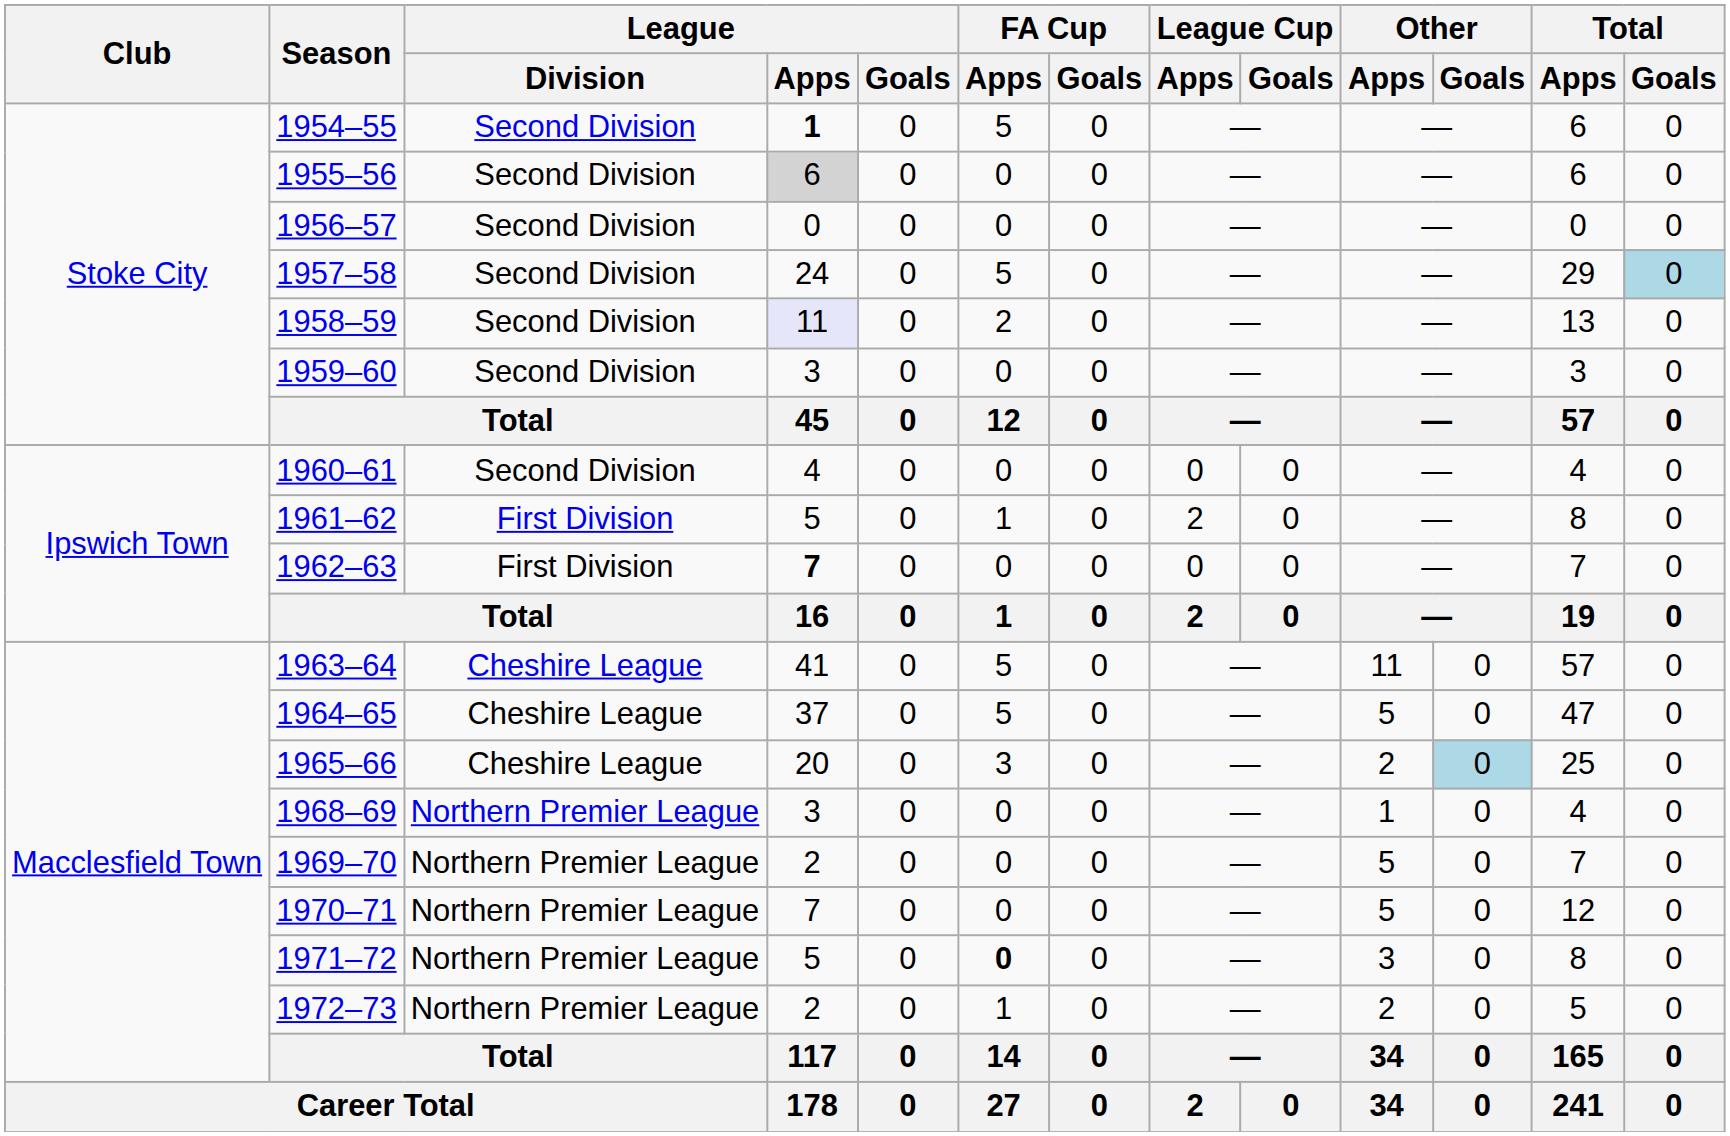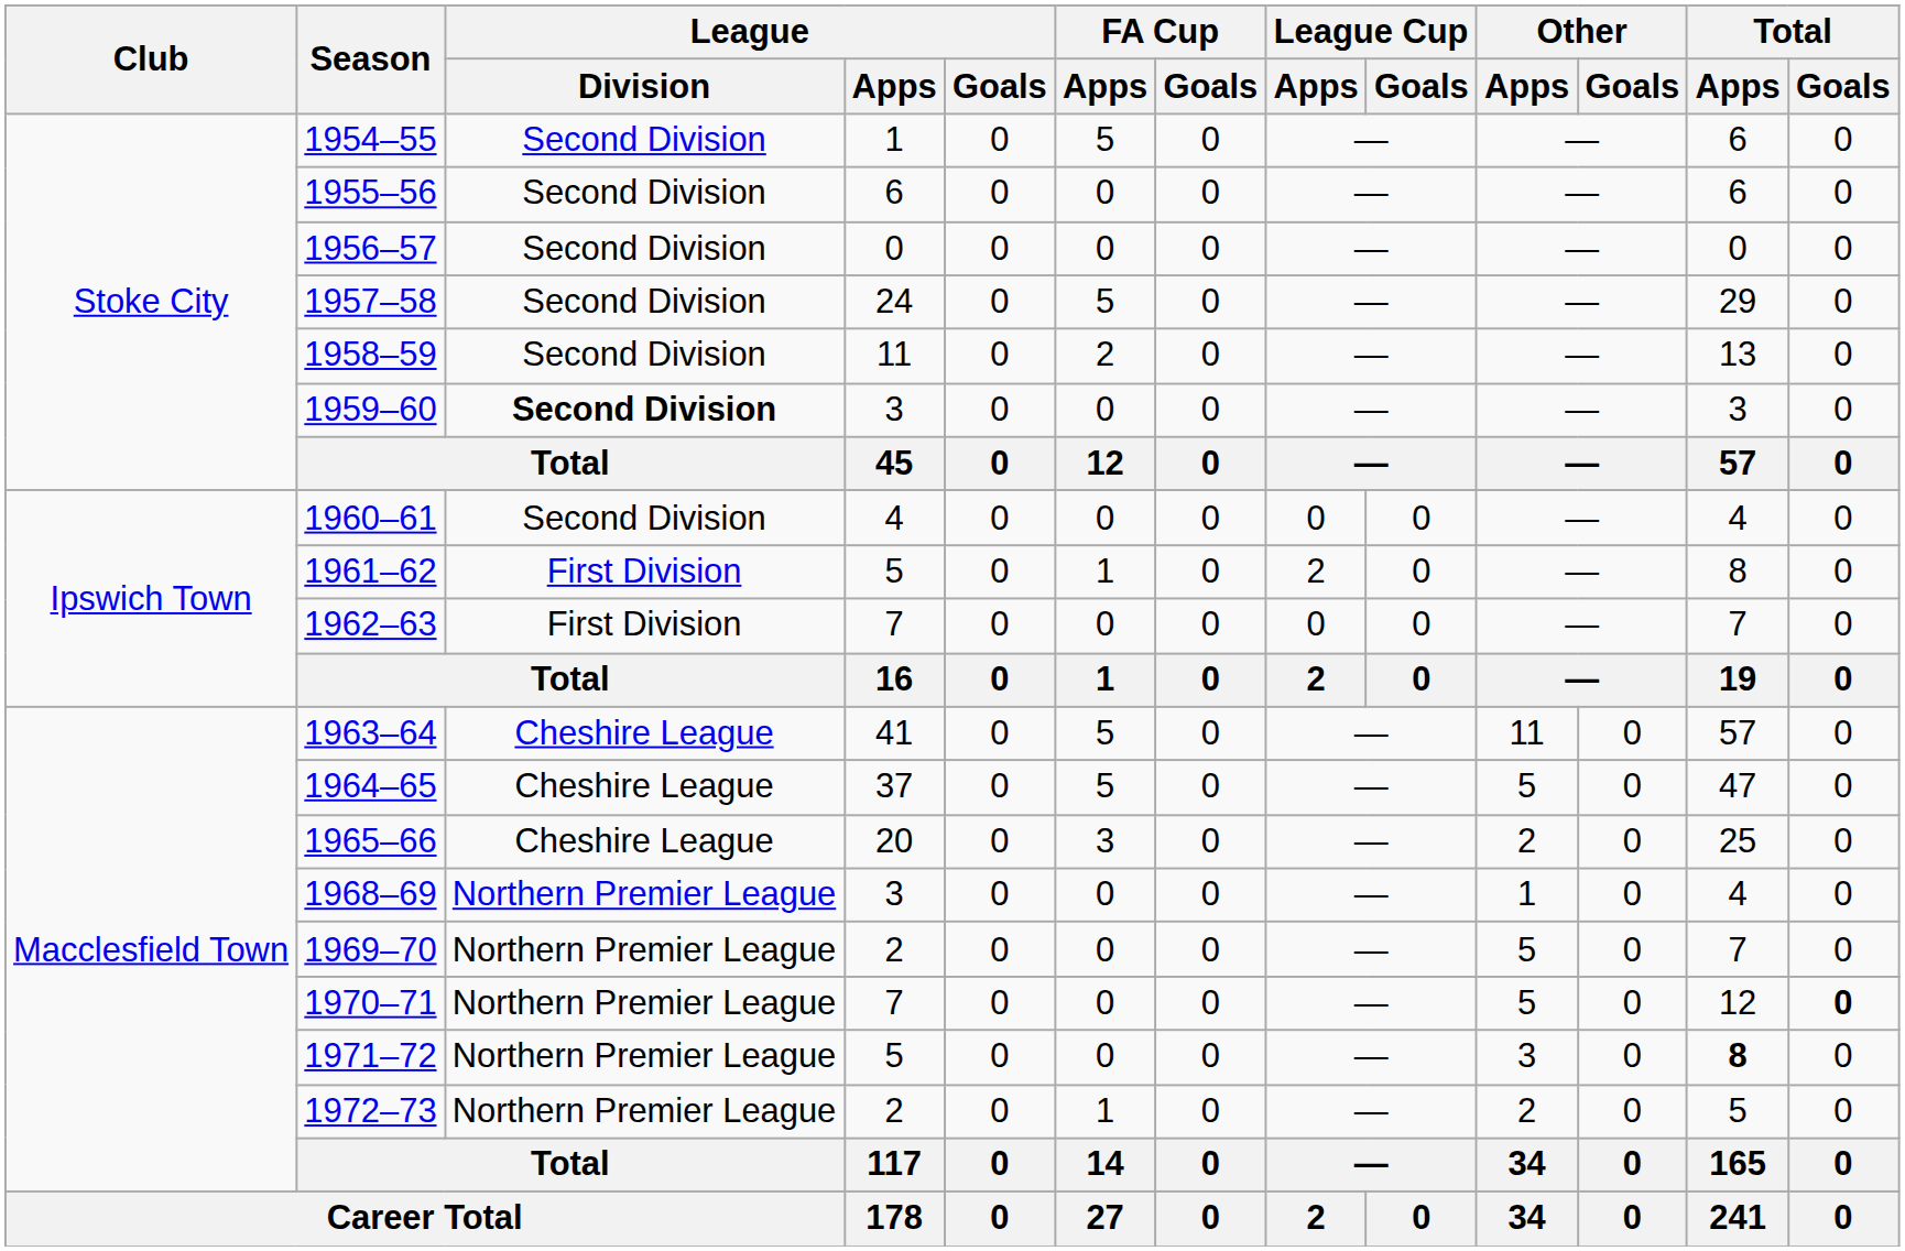 <table class="wikitable" style="text-align: center;">
 <tr>
 <th rowspan="2">Club</th>
 <th rowspan="2">Season</th>
 <th colspan="3">League</th>
 <th colspan="2">FA Cup</th>
 <th colspan="2">League Cup</th>
 <th colspan="2">Other</th>
 <th colspan="2">Total</th>
 </tr>
 <tr>
 <th>Division</th>
 <th>Apps</th>
 <th>Goals</th>
 <th>Apps</th>
 <th>Goals</th>
 <th>Apps</th>
 <th>Goals</th>
 <th>Apps</th>
 <th>Goals</th>
 <th>Apps</th>
 <th>Goals</th>
 </tr>
 <tr>
 <td rowspan="7"><a href='#'>Stoke City</a></td>
 <td><a href='#'>1954–55</a></td>
 <td><a href='#'>Second Division</a></td>
-<td><strong>1</strong></td>
+<td>1</td>
 <td>0</td>
 <td>5</td>
 <td>0</td>
 <td colspan="2">—</td>
 <td colspan="2">—</td>
 <td>6</td>
 <td>0</td>
 </tr>
 <tr>
 <td><a href='#'>1955–56</a></td>
 <td>Second Division</td>
-<td style="background: lightgrey;">6</td>
+<td>6</td>
 <td>0</td>
 <td>0</td>
 <td>0</td>
 <td colspan="2">—</td>
 <td colspan="2">—</td>
 <td>6</td>
 <td>0</td>
 </tr>
 <tr>
 <td><a href='#'>1956–57</a></td>
 <td>Second Division</td>
 <td>0</td>
 <td>0</td>
 <td>0</td>
 <td>0</td>
 <td colspan="2">—</td>
 <td colspan="2">—</td>
 <td>0</td>
 <td>0</td>
 </tr>
 <tr>
 <td><a href='#'>1957–58</a></td>
 <td>Second Division</td>
 <td>24</td>
 <td>0</td>
 <td>5</td>
 <td>0</td>
 <td colspan="2">—</td>
 <td colspan="2">—</td>
 <td>29</td>
-<td style="background: lightblue;">0</td>
+<td>0</td>
 </tr>
 <tr>
 <td><a href='#'>1958–59</a></td>
 <td>Second Division</td>
-<td style="background: lavender;">11</td>
+<td>11</td>
 <td>0</td>
 <td>2</td>
 <td>0</td>
 <td colspan="2">—</td>
 <td colspan="2">—</td>
 <td>13</td>
 <td>0</td>
 </tr>
 <tr>
 <td><a href='#'>1959–60</a></td>
-<td>Second Division</td>
+<td><strong>Second Division</strong></td>
 <td>3</td>
 <td>0</td>
 <td>0</td>
 <td>0</td>
 <td colspan="2">—</td>
 <td colspan="2">—</td>
 <td>3</td>
 <td>0</td>
 </tr>
 <tr>
 <th colspan=2>Total</th>
 <th>45</th>
 <th>0</th>
 <th>12</th>
 <th>0</th>
 <th colspan="2">—</th>
 <th colspan="2">—</th>
 <th>57</th>
 <th>0</th>
 </tr>
 <tr>
 <td rowspan="4"><a href='#'>Ipswich Town</a></td>
 <td><a href='#'>1960–61</a></td>
 <td>Second Division</td>
 <td>4</td>
 <td>0</td>
 <td>0</td>
 <td>0</td>
 <td>0</td>
 <td>0</td>
 <td colspan="2">—</td>
 <td>4</td>
 <td>0</td>
 </tr>
 <tr>
 <td><a href='#'>1961–62</a></td>
 <td><a href='#'>First Division</a></td>
 <td>5</td>
 <td>0</td>
 <td>1</td>
 <td>0</td>
 <td>2</td>
 <td>0</td>
 <td colspan="2">—</td>
 <td>8</td>
 <td>0</td>
 </tr>
 <tr>
 <td><a href='#'>1962–63</a></td>
 <td>First Division</td>
-<td><strong>7</strong></td>
+<td>7</td>
 <td>0</td>
 <td>0</td>
 <td>0</td>
 <td>0</td>
 <td>0</td>
 <td colspan="2">—</td>
 <td>7</td>
 <td>0</td>
 </tr>
 <tr>
 <th colspan=2>Total</th>
 <th>16</th>
 <th>0</th>
 <th>1</th>
 <th>0</th>
 <th>2</th>
 <th>0</th>
 <th colspan="2">—</th>
 <th>19</th>
 <th>0</th>
 </tr>
 <tr>
 <td rowspan=9><a href='#'>Macclesfield Town</a></td>
 <td><a href='#'>1963–64</a></td>
 <td><a href='#'>Cheshire League</a></td>
 <td>41</td>
 <td>0</td>
 <td>5</td>
 <td>0</td>
 <td colspan="2">—</td>
 <td>11</td>
 <td>0</td>
 <td>57</td>
 <td>0</td>
 </tr>
 <tr>
 <td><a href='#'>1964–65</a></td>
 <td>Cheshire League</td>
 <td>37</td>
 <td>0</td>
 <td>5</td>
 <td>0</td>
 <td colspan="2">—</td>
 <td>5</td>
 <td>0</td>
 <td>47</td>
 <td>0</td>
 </tr>
 <tr>
 <td><a href='#'>1965–66</a></td>
 <td>Cheshire League</td>
 <td>20</td>
 <td>0</td>
 <td>3</td>
 <td>0</td>
 <td colspan="2">—</td>
 <td>2</td>
-<td style="background: lightblue;">0</td>
+<td>0</td>
 <td>25</td>
 <td>0</td>
 </tr>
 <tr>
 <td><a href='#'>1968–69</a></td>
 <td><a href='#'>Northern Premier League</a></td>
 <td>3</td>
 <td>0</td>
 <td>0</td>
 <td>0</td>
 <td colspan="2">—</td>
 <td>1</td>
 <td>0</td>
 <td>4</td>
 <td>0</td>
 </tr>
 <tr>
 <td><a href='#'>1969–70</a></td>
 <td>Northern Premier League</td>
 <td>2</td>
 <td>0</td>
 <td>0</td>
 <td>0</td>
 <td colspan="2">—</td>
 <td>5</td>
 <td>0</td>
 <td>7</td>
 <td>0</td>
 </tr>
 <tr>
 <td><a href='#'>1970–71</a></td>
 <td>Northern Premier League</td>
 <td>7</td>
 <td>0</td>
 <td>0</td>
 <td>0</td>
 <td colspan="2">—</td>
 <td>5</td>
 <td>0</td>
 <td>12</td>
-<td>0</td>
+<td><strong>0</strong></td>
 </tr>
 <tr>
 <td><a href='#'>1971–72</a></td>
 <td>Northern Premier League</td>
 <td>5</td>
 <td>0</td>
-<td><strong>0</strong></td>
+<td>0</td>
 <td>0</td>
 <td colspan="2">—</td>
 <td>3</td>
 <td>0</td>
-<td>8</td>
+<td><strong>8</strong></td>
 <td>0</td>
 </tr>
 <tr>
 <td><a href='#'>1972–73</a></td>
 <td>Northern Premier League</td>
 <td>2</td>
 <td>0</td>
 <td>1</td>
 <td>0</td>
 <td colspan="2">—</td>
 <td>2</td>
 <td>0</td>
 <td>5</td>
 <td>0</td>
 </tr>
 <tr>
 <th colspan=2>Total</th>
 <th>117</th>
 <th>0</th>
 <th>14</th>
 <th>0</th>
 <th colspan="2">—</th>
 <th>34</th>
 <th>0</th>
 <th>165</th>
 <th>0</th>
 </tr>
 <tr>
 <th colspan="3">Career Total</th>
 <th>178</th>
 <th>0</th>
 <th>27</th>
 <th>0</th>
 <th>2</th>
 <th>0</th>
 <th>34</th>
 <th>0</th>
 <th>241</th>
 <th>0</th>
 </tr>
 </table>
